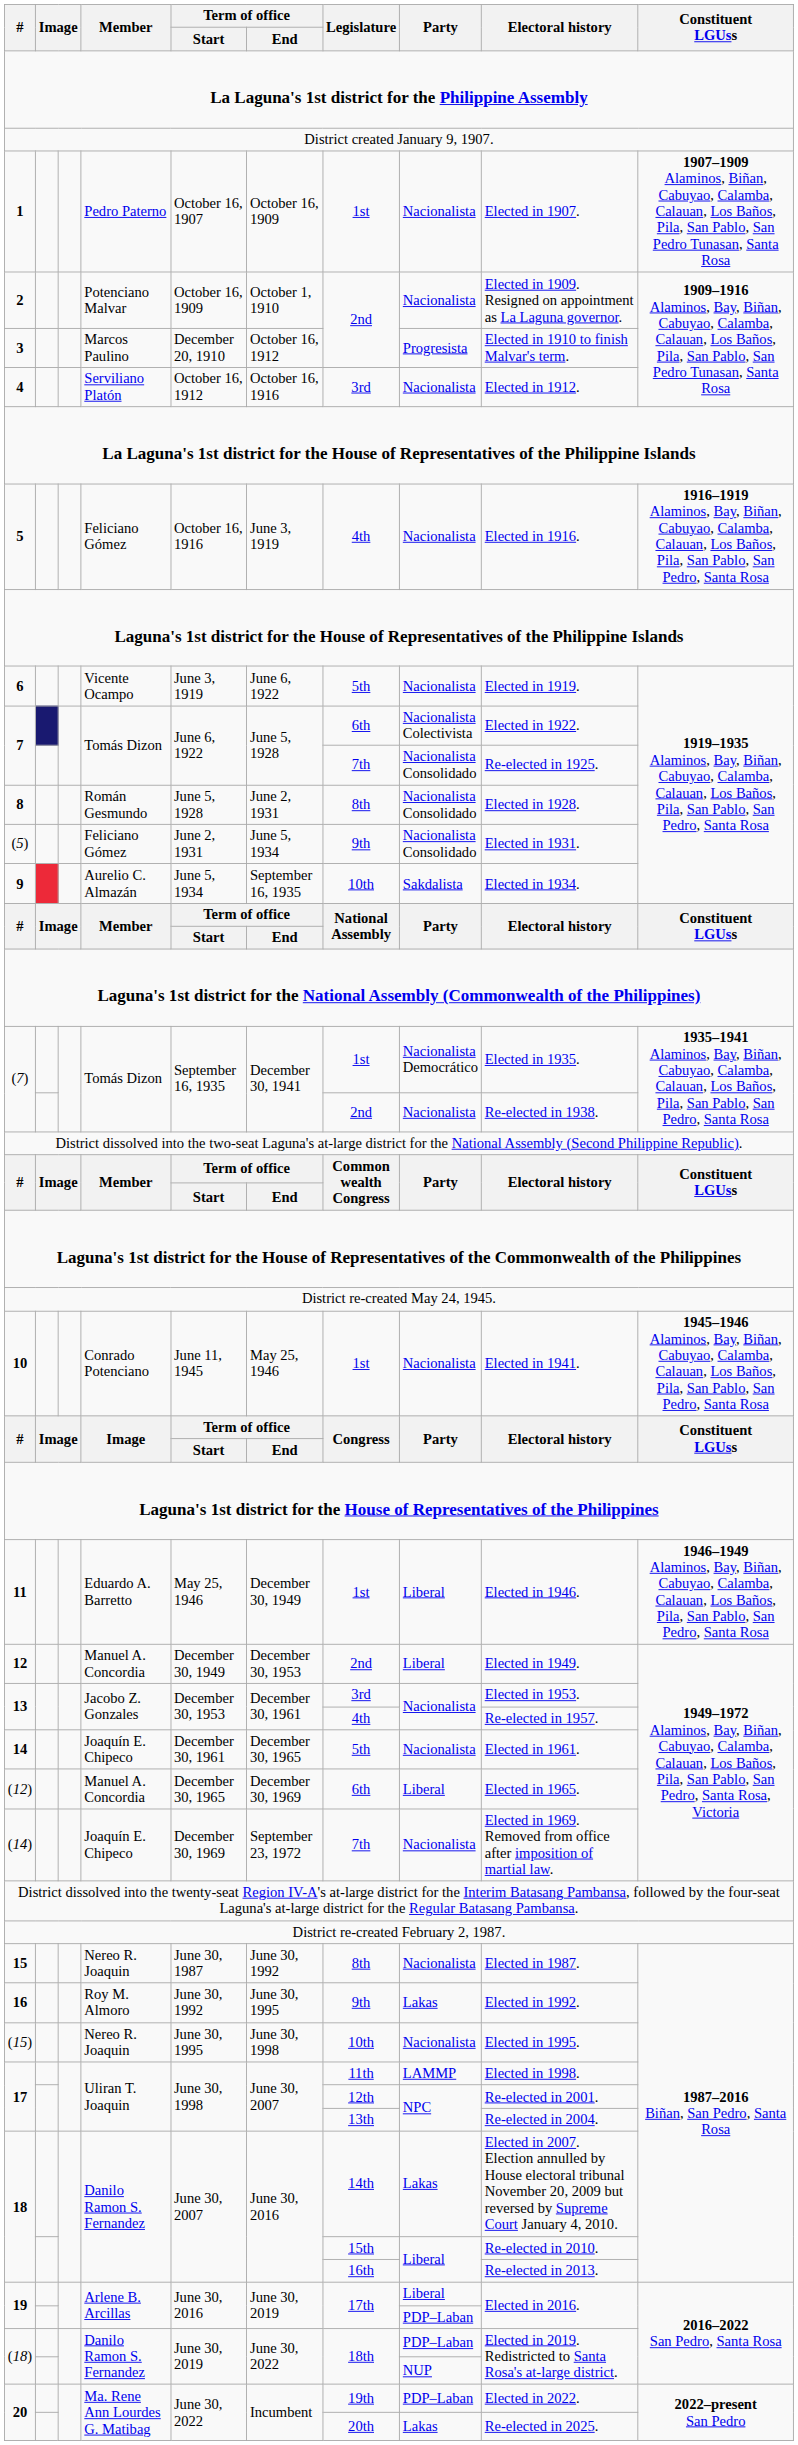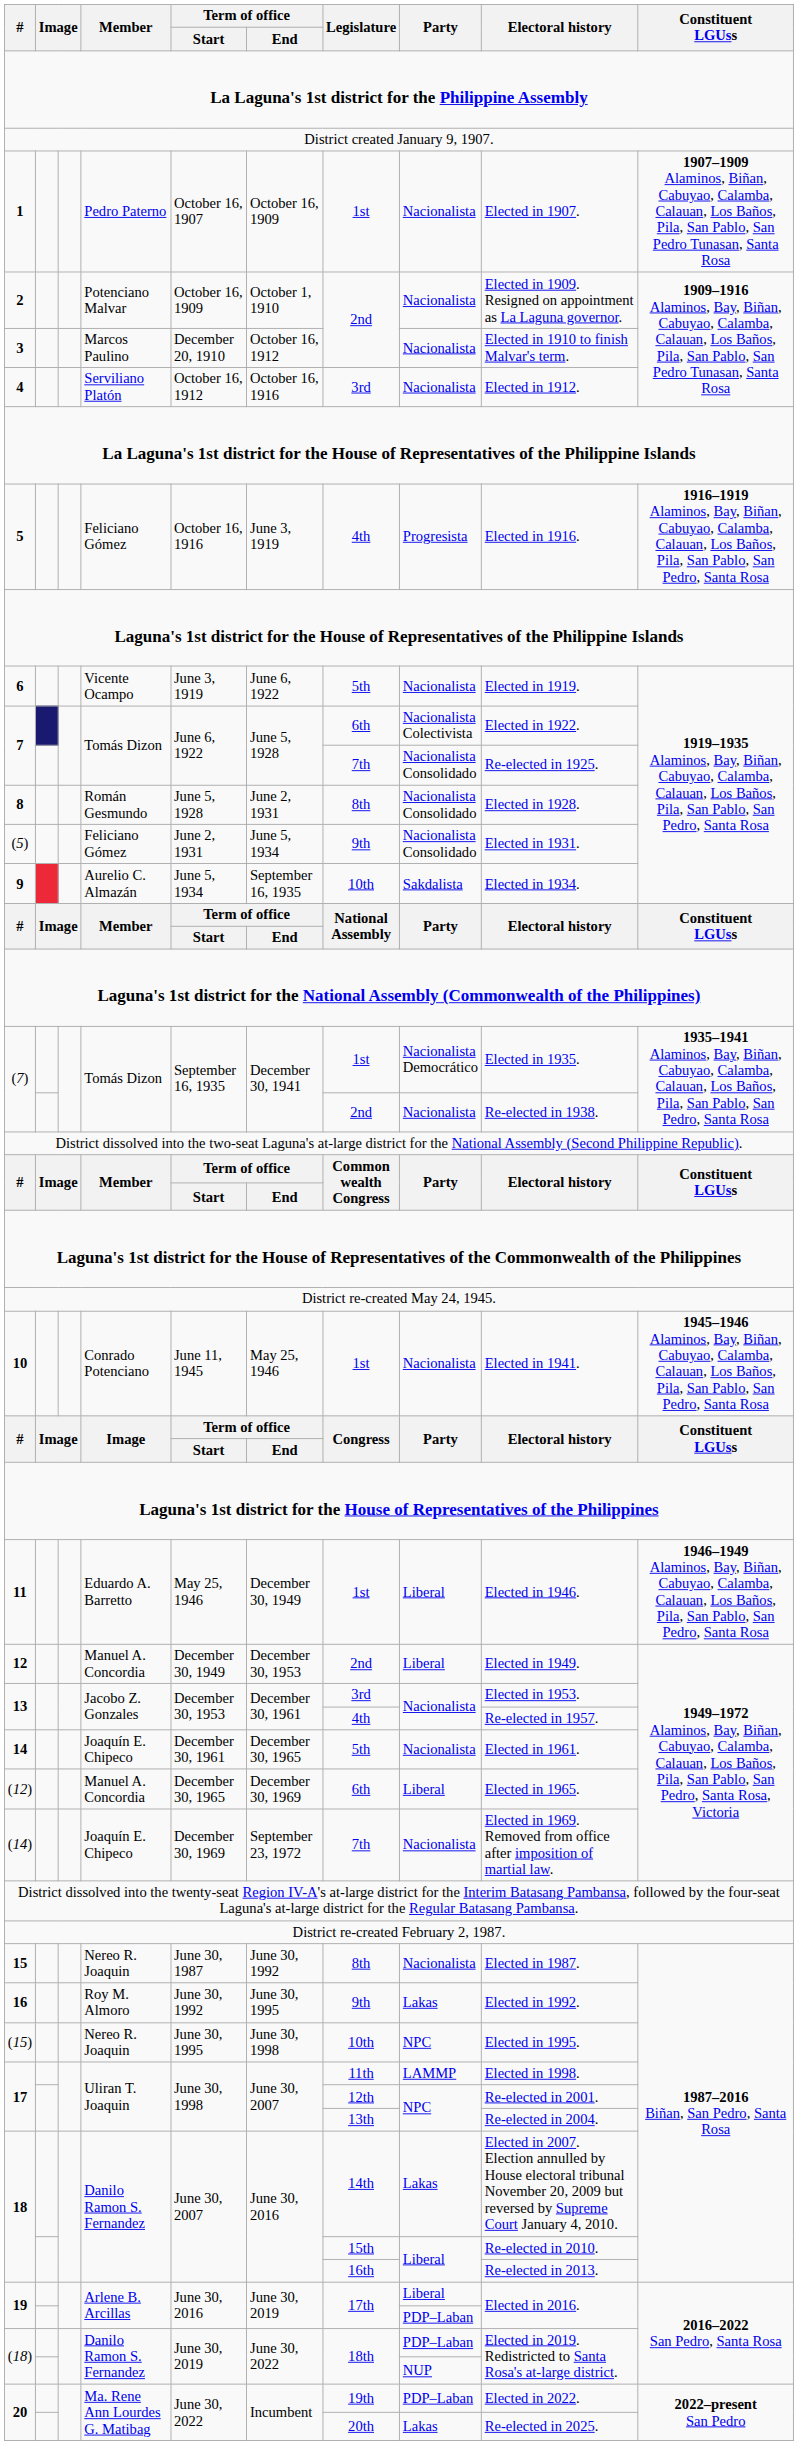 <table class=wikitable>
 <tr>
 <th rowspan="2">#</th>
 <th rowspan="2" colspan="2">Image</th>
 <th rowspan="2">Member</th>
 <th colspan=2>Term of office</th>
 <th rowspan="2">Legislature</th>
 <th rowspan="2">Party</th>
 <th rowspan="2">Electoral history</th>
 <th rowspan="2">Constituent<br><a href='#'>LGUs</a>s</th>
 </tr>
 <tr>
 <th>Start</th>
 <th>End</th>
 </tr>
 <tr>
 <td colspan="10" style="text-align:center;"><br><h3>La Laguna's 1st district for the <a href='#'>Philippine Assembly</a></h3></td>
 </tr>
 <tr>
 <td colspan="10" style="text-align:center;">District created January 9, 1907.</td>
 </tr>
 <tr>
 <td style="text-align:center;"><strong>1</strong></td>
 <td style="color:inherit;background:"></td>
 <td></td>
 <td><a href='#'>Pedro Paterno</a><br></td>
 <td>October 16, 1907</td>
 <td>October 16, 1909</td>
 <td style="text-align:center;"><a href='#'>1st</a></td>
 <td><a href='#'>Nacionalista</a></td>
 <td><a href='#'>Elected in 1907</a>.</td>
 <td style="text-align:center;"><strong>1907–1909</strong><br><a href='#'>Alaminos</a>, <a href='#'>Biñan</a>, <a href='#'>Cabuyao</a>, <a href='#'>Calamba</a>, <a href='#'>Calauan</a>, <a href='#'>Los Baños</a>, <a href='#'>Pila</a>, <a href='#'>San Pablo</a>, <a href='#'>San Pedro Tunasan</a>, <a href='#'>Santa Rosa</a></td>
 </tr>
 <tr>
 <td style="text-align:center;"><strong>2</strong></td>
 <td style="color:inherit;background:"></td>
 <td></td>
 <td>Potenciano Malvar<br></td>
 <td>October 16, 1909</td>
 <td>October 1, 1910</td>
 <td rowspan="2" style="text-align:center;"><a href='#'>2nd</a></td>
 <td><a href='#'>Nacionalista</a></td>
 <td><a href='#'>Elected in 1909</a>.<br>Resigned on appointment as <a href='#'>La Laguna governor</a>.</td>
 <td rowspan="3" style="text-align:center;"><strong>1909–1916</strong><br><a href='#'>Alaminos</a>, <a href='#'>Bay</a>, <a href='#'>Biñan</a>, <a href='#'>Cabuyao</a>, <a href='#'>Calamba</a>, <a href='#'>Calauan</a>, <a href='#'>Los Baños</a>, <a href='#'>Pila</a>, <a href='#'>San Pablo</a>, <a href='#'>San Pedro Tunasan</a>, <a href='#'>Santa Rosa</a></td>
 </tr>
 <tr>
 <td style="text-align:center;"><strong>3</strong></td>
 <td style="color:inherit;background:"></td>
 <td></td>
 <td>Marcos Paulino<br></td>
 <td>December 20, 1910 </td>
 <td>October 16, 1912</td>
-<td><a href='#'>Progresista</a></td>
+<td><a href='#'>Nacionalista</a></td>
 <td><a href='#'>Elected in 1910 to finish Malvar's term</a>.</td>
 </tr>
 <tr>
 <td style="text-align:center;"><strong>4</strong></td>
 <td style="color:inherit;background:"></td>
 <td></td>
 <td><a href='#'>Serviliano Platón</a><br></td>
 <td>October 16, 1912</td>
 <td>October 16, 1916</td>
 <td style="text-align:center;"><a href='#'>3rd</a></td>
 <td><a href='#'>Nacionalista</a></td>
 <td><a href='#'>Elected in 1912</a>.</td>
 </tr>
 <tr>
 <td colspan="10" style="text-align:center;"><br><h3>La Laguna's 1st district for the House of Representatives of the Philippine Islands</h3></td>
 </tr>
 <tr>
 <td style="text-align:center;"><strong>5</strong></td>
 <td style="color:inherit;background:"></td>
 <td></td>
 <td>Feliciano Gómez<br></td>
 <td>October 16, 1916</td>
 <td>June 3, 1919</td>
 <td style="text-align:center;"><a href='#'>4th</a></td>
-<td><a href='#'>Nacionalista</a></td>
+<td><a href='#'>Progresista</a></td>
 <td><a href='#'>Elected in 1916</a>.</td>
 <td style="text-align:center;"><strong>1916–1919</strong><br><a href='#'>Alaminos</a>, <a href='#'>Bay</a>, <a href='#'>Biñan</a>, <a href='#'>Cabuyao</a>, <a href='#'>Calamba</a>, <a href='#'>Calauan</a>, <a href='#'>Los Baños</a>, <a href='#'>Pila</a>, <a href='#'>San Pablo</a>, <a href='#'>San Pedro</a>, <a href='#'>Santa Rosa</a></td>
 </tr>
 <tr>
 <td colspan="10" style="text-align:center;"><br><h3>Laguna's 1st district for the House of Representatives of the Philippine Islands</h3></td>
 </tr>
 <tr>
 <td style="text-align:center;"><strong>6</strong></td>
 <td style="color:inherit;background:"></td>
 <td></td>
 <td>Vicente Ocampo</td>
 <td>June 3, 1919</td>
 <td>June 6, 1922</td>
 <td style="text-align:center;"><a href='#'>5th</a></td>
 <td><a href='#'>Nacionalista</a></td>
 <td><a href='#'>Elected in 1919</a>.</td>
 <td rowspan="6" style="text-align:center;"><strong>1919–1935</strong><br><a href='#'>Alaminos</a>, <a href='#'>Bay</a>, <a href='#'>Biñan</a>, <a href='#'>Cabuyao</a>, <a href='#'>Calamba</a>, <a href='#'>Calauan</a>, <a href='#'>Los Baños</a>, <a href='#'>Pila</a>, <a href='#'>San Pablo</a>, <a href='#'>San Pedro</a>, <a href='#'>Santa Rosa</a></td>
 </tr>
 <tr>
 <td rowspan="2" style="text-align:center;"><strong>7</strong></td>
 <td style="background-color:#191970"></td>
 <td rowspan=2></td>
 <td rowspan="2">Tomás Dizon<br></td>
 <td rowspan="2">June 6, 1922</td>
 <td rowspan="2">June 5, 1928</td>
 <td style="text-align:center;"><a href='#'>6th</a></td>
 <td><a href='#'>Nacionalista</a><br>Colectivista</td>
 <td><a href='#'>Elected in 1922</a>.</td>
 </tr>
 <tr>
 <td style="color:inherit;background:"></td>
 <td style="text-align:center;"><a href='#'>7th</a></td>
 <td><a href='#'>Nacionalista</a><br>Consolidado</td>
 <td><a href='#'>Re-elected in 1925</a>.</td>
 </tr>
 <tr>
 <td style="text-align:center;"><strong>8</strong></td>
 <td style="color:inherit;background:"></td>
 <td></td>
 <td>Román Gesmundo</td>
 <td>June 5, 1928</td>
 <td>June 2, 1931</td>
 <td style="text-align:center;"><a href='#'>8th</a></td>
 <td><a href='#'>Nacionalista</a><br>Consolidado</td>
 <td><a href='#'>Elected in 1928</a>.</td>
 </tr>
 <tr>
 <td style="text-align:center;">(<em>5</em>)</td>
 <td style="color:inherit;background:"></td>
 <td></td>
 <td>Feliciano Gómez<br></td>
 <td>June 2, 1931</td>
 <td>June 5, 1934</td>
 <td style="text-align:center;"><a href='#'>9th</a></td>
 <td><a href='#'>Nacionalista</a><br>Consolidado</td>
 <td><a href='#'>Elected in 1931</a>.</td>
 </tr>
 <tr>
 <td style="text-align:center;"><strong>9</strong></td>
 <td style="background-color:#ED2939"></td>
 <td></td>
 <td>Aurelio C. Almazán</td>
 <td>June 5, 1934</td>
 <td>September 16, 1935</td>
 <td style="text-align:center;"><a href='#'>10th</a></td>
 <td><a href='#'>Sakdalista</a></td>
 <td><a href='#'>Elected in 1934</a>.</td>
 </tr>
 <tr>
 <th rowspan="2">#</th>
 <th rowspan=2 colspan=2>Image</th>
 <th rowspan="2">Member</th>
 <th colspan=2>Term of office</th>
 <th rowspan="2">National<br>Assembly</th>
 <th rowspan="2">Party</th>
 <th rowspan="2">Electoral history</th>
 <th rowspan="2">Constituent<br><a href='#'>LGUs</a>s</th>
 </tr>
 <tr>
 <th>Start</th>
 <th>End</th>
 </tr>
 <tr>
 <td colspan="10" style="text-align:center;"><br><h3>Laguna's 1st district for the <a href='#'>National Assembly (Commonwealth of the Philippines)</a></h3></td>
 </tr>
 <tr>
 <td rowspan="2" style="text-align:center;">(<em>7</em>)</td>
 <td style="color:inherit;background:"></td>
 <td rowspan=2></td>
 <td rowspan="2">Tomás Dizon<br></td>
 <td rowspan="2">September 16, 1935</td>
 <td rowspan="2">December 30, 1941</td>
 <td style="text-align:center;"><a href='#'>1st</a></td>
 <td><a href='#'>Nacionalista</a><br>Democrático</td>
 <td><a href='#'>Elected in 1935</a>.</td>
 <td rowspan="2" style="text-align:center;"><strong>1935–1941</strong><br><a href='#'>Alaminos</a>, <a href='#'>Bay</a>, <a href='#'>Biñan</a>, <a href='#'>Cabuyao</a>, <a href='#'>Calamba</a>, <a href='#'>Calauan</a>, <a href='#'>Los Baños</a>, <a href='#'>Pila</a>, <a href='#'>San Pablo</a>, <a href='#'>San Pedro</a>, <a href='#'>Santa Rosa</a></td>
 </tr>
 <tr>
 <td style="color:inherit;background:"></td>
 <td style="text-align:center;"><a href='#'>2nd</a></td>
 <td><a href='#'>Nacionalista</a></td>
 <td><a href='#'>Re-elected in 1938</a>.</td>
 </tr>
 <tr>
 <td colspan="11" style="text-align:center;">District dissolved into the two-seat Laguna's at-large district for the <a href='#'>National Assembly (Second Philippine Republic)</a>.</td>
 </tr>
 <tr>
 <th rowspan="2">#</th>
 <th rowspan=2 colspan=2>Image</th>
 <th rowspan="2">Member</th>
 <th colspan=2>Term of office</th>
 <th rowspan="2">Common<br>wealth<br>Congress</th>
 <th rowspan="2">Party</th>
 <th rowspan="2">Electoral history</th>
 <th rowspan="2">Constituent<br><a href='#'>LGUs</a>s</th>
 </tr>
 <tr>
 <th>Start</th>
 <th>End</th>
 </tr>
 <tr>
 <td colspan="10" style="text-align:center;"><br><h3>Laguna's 1st district for the House of Representatives of the Commonwealth of the Philippines</h3></td>
 </tr>
 <tr>
 <td colspan="10" style="text-align:center;">District re-created May 24, 1945.</td>
 </tr>
 <tr>
 <td style="text-align:center;"><strong>10</strong></td>
 <td style="color:inherit;background:"></td>
 <td></td>
 <td>Conrado Potenciano<br></td>
 <td>June 11, 1945</td>
 <td>May 25, 1946</td>
 <td style="text-align:center;"><a href='#'>1st</a></td>
 <td><a href='#'>Nacionalista</a></td>
 <td><a href='#'>Elected in 1941</a>.</td>
 <td style="text-align:center;"><strong>1945–1946</strong><br><a href='#'>Alaminos</a>, <a href='#'>Bay</a>, <a href='#'>Biñan</a>, <a href='#'>Cabuyao</a>, <a href='#'>Calamba</a>, <a href='#'>Calauan</a>, <a href='#'>Los Baños</a>, <a href='#'>Pila</a>, <a href='#'>San Pablo</a>, <a href='#'>San Pedro</a>, <a href='#'>Santa Rosa</a></td>
 </tr>
 <tr>
 <th rowspan="2">#</th>
 <th rowspan="2" colspan=2>Image</th>
 <th rowspan="2">Image</th>
 <th colspan=2>Term of office</th>
 <th rowspan="2">Congress</th>
 <th rowspan="2">Party</th>
 <th rowspan="2">Electoral history</th>
 <th rowspan="2">Constituent<br><a href='#'>LGUs</a>s</th>
 </tr>
 <tr>
 <th>Start</th>
 <th>End</th>
 </tr>
 <tr>
 <td colspan="10" style="text-align:center;"><br><h3>Laguna's 1st district for the <a href='#'>House of Representatives of the Philippines</a></h3></td>
 </tr>
 <tr>
 <td style="text-align:center;"><strong>11</strong></td>
 <td style="color:inherit;background:"></td>
 <td></td>
 <td>Eduardo A. Barretto</td>
 <td>May 25, 1946</td>
 <td>December 30, 1949</td>
 <td style="text-align:center;"><a href='#'>1st</a></td>
 <td><a href='#'>Liberal</a></td>
 <td><a href='#'>Elected in 1946</a>.</td>
 <td style="text-align:center;"><strong>1946–1949</strong><br><a href='#'>Alaminos</a>, <a href='#'>Bay</a>, <a href='#'>Biñan</a>, <a href='#'>Cabuyao</a>, <a href='#'>Calamba</a>, <a href='#'>Calauan</a>, <a href='#'>Los Baños</a>, <a href='#'>Pila</a>, <a href='#'>San Pablo</a>, <a href='#'>San Pedro</a>, <a href='#'>Santa Rosa</a></td>
 </tr>
 <tr>
 <td style="text-align:center;"><strong>12</strong></td>
 <td style="color:inherit;background:"></td>
 <td></td>
 <td>Manuel A. Concordia</td>
 <td>December 30, 1949</td>
 <td>December 30, 1953</td>
 <td style="text-align:center;"><a href='#'>2nd</a></td>
 <td><a href='#'>Liberal</a></td>
 <td><a href='#'>Elected in 1949</a>.</td>
 <td rowspan="6" style="text-align:center;"><strong>1949–1972</strong><br><a href='#'>Alaminos</a>, <a href='#'>Bay</a>, <a href='#'>Biñan</a>, <a href='#'>Cabuyao</a>, <a href='#'>Calamba</a>, <a href='#'>Calauan</a>, <a href='#'>Los Baños</a>, <a href='#'>Pila</a>, <a href='#'>San Pablo</a>, <a href='#'>San Pedro</a>, <a href='#'>Santa Rosa</a>, <a href='#'>Victoria</a></td>
 </tr>
 <tr>
 <td rowspan="2" style="text-align:center;"><strong>13</strong></td>
 <td rowspan="2" style="color:inherit;background:"></td>
 <td rowspan=2></td>
 <td rowspan="2">Jacobo Z. Gonzales</td>
 <td rowspan="2">December 30, 1953</td>
 <td rowspan="2">December 30, 1961</td>
 <td style="text-align:center;"><a href='#'>3rd</a></td>
 <td rowspan="2"><a href='#'>Nacionalista</a></td>
 <td><a href='#'>Elected in 1953</a>.</td>
 </tr>
 <tr>
 <td style="text-align:center;"><a href='#'>4th</a></td>
 <td><a href='#'>Re-elected in 1957</a>.</td>
 </tr>
 <tr>
 <td style="text-align:center;"><strong>14</strong></td>
 <td style="color:inherit;background:"></td>
 <td></td>
 <td>Joaquín E. Chipeco</td>
 <td>December 30, 1961</td>
 <td>December 30, 1965</td>
 <td style="text-align:center;"><a href='#'>5th</a></td>
 <td><a href='#'>Nacionalista</a></td>
 <td><a href='#'>Elected in 1961</a>.</td>
 </tr>
 <tr>
 <td style="text-align:center;">(<em>12</em>)</td>
 <td style="color:inherit;background:"></td>
 <td></td>
 <td>Manuel A. Concordia</td>
 <td>December 30, 1965</td>
 <td>December 30, 1969</td>
 <td style="text-align:center;"><a href='#'>6th</a></td>
 <td><a href='#'>Liberal</a></td>
 <td><a href='#'>Elected in 1965</a>.</td>
 </tr>
 <tr>
 <td style="text-align:center;">(<em>14</em>)</td>
 <td style="color:inherit;background:"></td>
 <td></td>
 <td>Joaquín E. Chipeco</td>
 <td>December 30, 1969</td>
 <td>September 23, 1972</td>
 <td style="text-align:center;"><a href='#'>7th</a></td>
 <td><a href='#'>Nacionalista</a></td>
 <td><a href='#'>Elected in 1969</a>.<br>Removed from office after <a href='#'>imposition of martial law</a>.</td>
 </tr>
 <tr>
 <td colspan="11" style="text-align:center;">District dissolved into the twenty-seat <a href='#'>Region IV-A</a>'s at-large district for the <a href='#'>Interim Batasang Pambansa</a>, followed by the four-seat Laguna's at-large district for the <a href='#'>Regular Batasang Pambansa</a>.</td>
 </tr>
 <tr>
 <td colspan="11" style="text-align:center;">District re-created February 2, 1987.</td>
 </tr>
 <tr>
 <td style="text-align:center;"><strong>15</strong></td>
 <td style="color:inherit;background:"></td>
 <td></td>
 <td>Nereo R. Joaquin<br></td>
 <td>June 30, 1987</td>
 <td>June 30, 1992</td>
 <td style="text-align:center;"><a href='#'>8th</a></td>
 <td><a href='#'>Nacionalista</a></td>
 <td><a href='#'>Elected in 1987</a>.</td>
 <td rowspan="9" style="text-align:center;"><strong>1987–2016</strong><br><a href='#'>Biñan</a>, <a href='#'>San Pedro</a>, <a href='#'>Santa Rosa</a></td>
 </tr>
 <tr>
 <td style="text-align:center;"><strong>16</strong></td>
 <td style="color:inherit;background:"></td>
 <td></td>
 <td>Roy M. Almoro</td>
 <td>June 30, 1992</td>
 <td>June 30, 1995</td>
 <td style="text-align:center;"><a href='#'>9th</a></td>
 <td><a href='#'>Lakas</a></td>
 <td><a href='#'>Elected in 1992</a>.</td>
 </tr>
 <tr>
 <td style="text-align:center;">(<em>15</em>)</td>
 <td style="color:inherit;background:"></td>
 <td></td>
 <td>Nereo R. Joaquin<br></td>
 <td>June 30, 1995</td>
 <td>June 30, 1998</td>
 <td style="text-align:center;"><a href='#'>10th</a></td>
-<td><a href='#'>Nacionalista</a></td>
+<td><a href='#'>NPC</a></td>
 <td><a href='#'>Elected in 1995</a>.</td>
 </tr>
 <tr>
 <td rowspan="3" style="text-align:center;"><strong>17</strong></td>
 <td style="color:inherit;background:"></td>
 <td rowspan="3"></td>
 <td rowspan="3">Uliran T. Joaquin<br></td>
 <td rowspan="3">June 30, 1998</td>
 <td rowspan="3">June 30, 2007</td>
 <td style="text-align:center;"><a href='#'>11th</a></td>
 <td><a href='#'>LAMMP</a></td>
 <td><a href='#'>Elected in 1998</a>.</td>
 </tr>
 <tr>
 <td rowspan="2" style="color:inherit;background:"></td>
 <td style="text-align:center;"><a href='#'>12th</a></td>
 <td rowspan="2"><a href='#'>NPC</a></td>
 <td><a href='#'>Re-elected in 2001</a>.</td>
 </tr>
 <tr>
 <td style="text-align:center;"><a href='#'>13th</a></td>
 <td><a href='#'>Re-elected in 2004</a>.</td>
 </tr>
 <tr>
 <td rowspan="3" style="text-align:center;"><strong>18</strong></td>
 <td style="color:inherit;background:"></td>
 <td rowspan="3"></td>
 <td rowspan="3"><a href='#'>Danilo Ramon S. Fernandez</a><br></td>
 <td rowspan="3">June 30, 2007</td>
 <td rowspan="3">June 30, 2016</td>
 <td style="text-align:center;"><a href='#'>14th</a></td>
 <td><a href='#'>Lakas</a></td>
 <td><a href='#'>Elected in 2007</a>.<br>Election annulled by House electoral tribunal November 20, 2009 but reversed by <a href='#'>Supreme Court</a> January 4, 2010.</td>
 </tr>
 <tr>
 <td rowspan="2" style="color:inherit;background:"></td>
 <td style="text-align:center;"><a href='#'>15th</a></td>
 <td rowspan="2"><a href='#'>Liberal</a></td>
 <td><a href='#'>Re-elected in 2010</a>.</td>
 </tr>
 <tr>
 <td style="text-align:center;"><a href='#'>16th</a></td>
 <td><a href='#'>Re-elected in 2013</a>.</td>
 </tr>
 <tr>
 <td style="text-align:center;" rowspan=2><strong>19</strong></td>
 <td style="color:inherit;background:"></td>
 <td rowspan=2></td>
 <td rowspan=2><a href='#'>Arlene B. Arcillas</a><br></td>
 <td rowspan=2>June 30, 2016</td>
 <td rowspan=2>June 30, 2019</td>
 <td style="text-align:center;" rowspan=2><a href='#'>17th</a></td>
 <td><a href='#'>Liberal</a></td>
 <td rowspan=2><a href='#'>Elected in 2016</a>.</td>
 <td rowspan="4" style="text-align:center;"><strong>2016–2022</strong><br><a href='#'>San Pedro</a>, <a href='#'>Santa Rosa</a></td>
 </tr>
 <tr>
 <td style="color:inherit;background:"></td>
 <td><a href='#'>PDP–Laban</a></td>
 </tr>
 <tr>
 <td style="text-align:center;" rowspan=2>(<em>18</em>)</td>
 <td style="color:inherit;background:"></td>
 <td rowspan=2></td>
 <td rowspan=2><a href='#'>Danilo Ramon S. Fernandez</a><br></td>
 <td rowspan=2>June 30, 2019</td>
 <td rowspan=2>June 30, 2022</td>
 <td style="text-align:center;" rowspan=2><a href='#'>18th</a></td>
 <td><a href='#'>PDP–Laban</a></td>
 <td rowspan=2><a href='#'>Elected in 2019</a>.<br>Redistricted to <a href='#'>Santa Rosa's at-large district</a>.</td>
 </tr>
 <tr>
 <td style="color:inherit;background:"></td>
 <td><a href='#'>NUP</a></td>
 </tr>
 <tr>
 <td style="text-align:center;" rowspan="2"><strong>20</strong></td>
 <td style="color:inherit;background:"></td>
 <td rowspan="2"></td>
 <td rowspan="2"><a href='#'>Ma. Rene Ann Lourdes G. Matibag</a><br></td>
 <td rowspan="2">June 30, 2022</td>
 <td rowspan="2">Incumbent</td>
 <td style="text-align:center;"><a href='#'>19th</a></td>
 <td><a href='#'>PDP–Laban</a></td>
 <td><a href='#'>Elected in 2022</a>.</td>
 <td rowspan="12" style="text-align:center;"><strong>2022–present</strong><br><a href='#'>San Pedro</a></td>
 </tr>
 <tr>
 <td style="color:inherit;background:"></td>
 <td style="text-align:center;"><a href='#'>20th</a></td>
 <td><a href='#'>Lakas</a></td>
 <td><a href='#'>Re-elected in 2025</a>.</td>
 </tr>
 </table>
